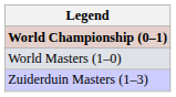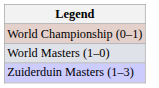 <table class="wikitable">
 <tr>
 <th>Legend</th>
 </tr>
 <tr style="background:#e5d1cb;">
-<td><strong>World Championship (0–1)</strong></td>
+<td>World Championship (0–1)</td>
 </tr>
 <tr style="background:#dfe2e9;">
 <td>World Masters (1–0)</td>
 </tr>
 <tr style="background:#ccf;">
 <td>Zuiderduin Masters (1–3)</td>
 </tr>
 </table>
